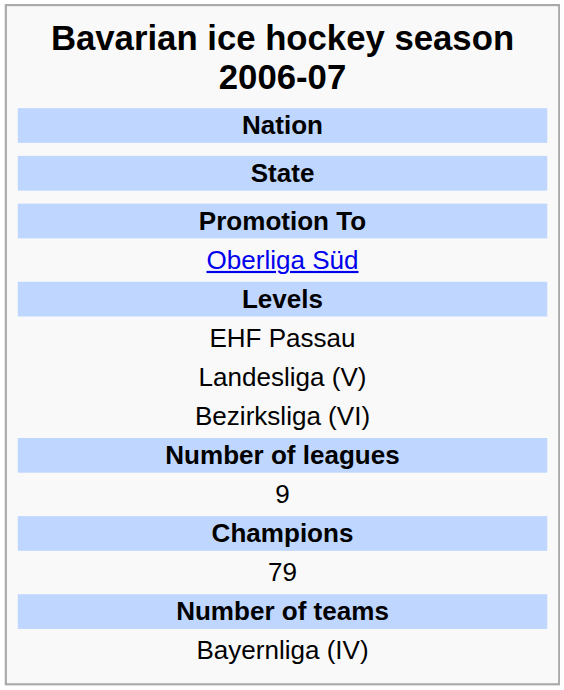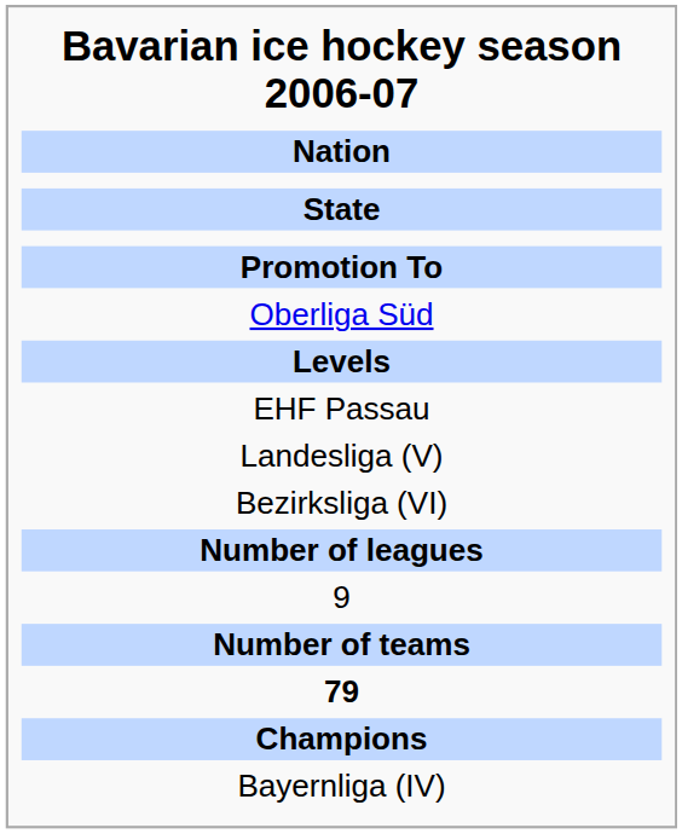 <table class="infobox football" style="width: 16em; text-align: center;">
 <tr>
 <th style="font-size: 16px;">Bavarian ice hockey season 2006-07</th>
 </tr>
 <tr>
 </tr>
 <tr>
 <td style="font-size: 12px; background: #BFD7FF;"><strong>Nation</strong></td>
 </tr>
 <tr>
 <td style="font-size: 12px;"></td>
 </tr>
 <tr>
 <td style="font-size: 12px; background: #BFD7FF;"><strong>State</strong></td>
 </tr>
 <tr>
 <td style="font-size: 12px;"></td>
 </tr>
 <tr>
 <td style="font-size: 12px; background: #BFD7FF;"><strong>Promotion To</strong></td>
 </tr>
 <tr>
 <td style="font-size: 12px;"><a href='#'>Oberliga Süd</a></td>
 </tr>
 <tr>
 <td style="font-size: 12px; background: #BFD7FF;"><strong>Levels</strong></td>
 </tr>
 <tr>
 <td style="font-size: 12px;">EHF Passau</td>
 </tr>
 <tr>
 <td style="font-size: 12px;">Landesliga (V)</td>
 </tr>
 <tr>
 <td style="font-size: 12px;">Bezirksliga (VI)</td>
 </tr>
 <tr>
 <td style="font-size: 12px; background: #BFD7FF;"><strong>Number of leagues</strong></td>
 </tr>
 <tr>
 <td style="font-size: 12px;">9</td>
 </tr>
 <tr>
-<td style="font-size: 12px; background: #BFD7FF;"><strong>Champions</strong></td>
+<td style="font-size: 12px; background: #BFD7FF;"><strong>Number of teams</strong></td>
 </tr>
 <tr>
-<td style="font-size: 12px;">79</td>
+<td style="font-size: 12px;"><strong>79</strong></td>
 </tr>
 <tr>
-<td style="font-size: 12px; background: #BFD7FF;"><strong>Number of teams</strong></td>
+<td style="font-size: 12px; background: #BFD7FF;"><strong>Champions</strong></td>
 </tr>
 <tr>
 <td style="font-size: 12px;">Bayernliga (IV)</td>
 </tr>
 <tr>
 </tr>
 </table>
